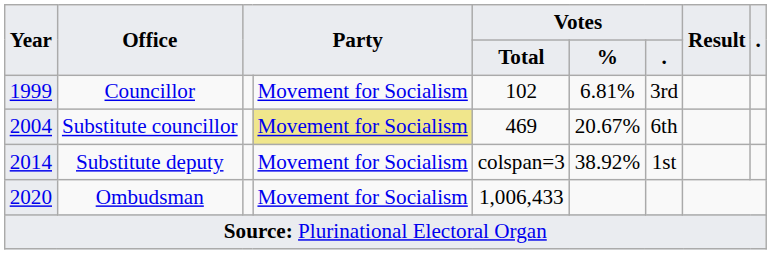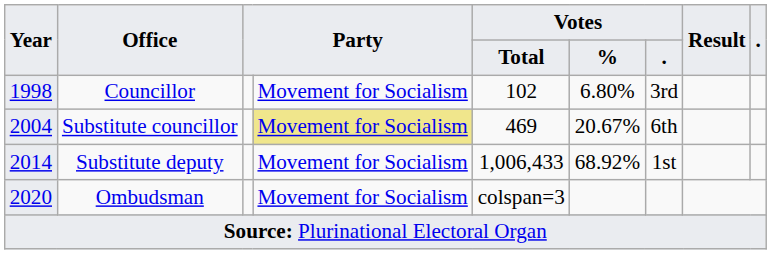 <table class="wikitable" style="font-size:90%; text-align:center;">
 <tr>
 <th style="background-color:#EAECF0;" rowspan=2>Year</th>
 <th style="background-color:#EAECF0;" rowspan=2>Office</th>
 <th style="background-color:#EAECF0;" colspan=2 rowspan=2>Party</th>
 <th style="background-color:#EAECF0;" colspan=3>Votes</th>
 <th style="background-color:#EAECF0;" rowspan=2>Result</th>
 <th style="background-color:#EAECF0;" rowspan=2>.</th>
 </tr>
 <tr>
 <th style="background-color:#EAECF0;">Total</th>
 <th style="background-color:#EAECF0;">%</th>
 <th style="background-color:#EAECF0;">.</th>
 </tr>
 <tr>
-<td style="background-color:#EAECF0;"><a href='#'>1999</a></td>
+<td style="background-color:#EAECF0;"><a href='#'>1998</a></td>
 <td><a href='#'>Councillor</a></td>
 <td style="background-color:"></td>
 <td><a href='#'>Movement for Socialism</a></td>
 <td>102</td>
-<td>6.81%</td>
+<td>6.80%</td>
 <td>3rd</td>
 <td></td>
 <td></td>
 </tr>
 <tr>
 <td style="background-color:#EAECF0;"><a href='#'>2004</a></td>
 <td><a href='#'>Substitute councillor</a></td>
 <td style="background-color:"></td>
 <td style="background: khaki;"><a href='#'>Movement for Socialism</a></td>
 <td>469</td>
 <td>20.67%</td>
 <td>6th</td>
 <td></td>
 <td></td>
 </tr>
 <tr>
 <td style="background-color:#EAECF0;"><a href='#'>2014</a></td>
 <td><a href='#'>Substitute deputy</a></td>
 <td style="background-color:"></td>
 <td><a href='#'>Movement for Socialism</a></td>
-<td>colspan=3 </td>
-<td>38.92%</td>
+<td>1,006,433</td>
+<td>68.92%</td>
 <td>1st</td>
 <td></td>
 <td></td>
 </tr>
 <tr>
 <td style="background-color:#EAECF0;"><a href='#'>2020</a></td>
 <td><a href='#'>Ombudsman</a></td>
 <td style="background-color:"></td>
 <td><a href='#'>Movement for Socialism</a></td>
-<td>1,006,433</td>
+<td>colspan=3 </td>
 <td></td>
 <td></td>
 </tr>
 <tr>
 <td style="background-color:#EAECF0;" colspan=9><strong>Source:</strong> <a href='#'>Plurinational Electoral Organ</a>  </td>
 </tr>
 </table>
